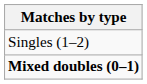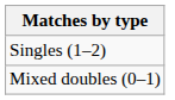 <table class="wikitable" style=font-size:90%>
 <tr>
 <th>Matches by type</th>
 </tr>
 <tr>
 <td>Singles (1–2)</td>
 </tr>
 <tr>
-<td><strong>Mixed doubles (0–1)</strong></td>
+<td>Mixed doubles (0–1)</td>
 </tr>
 </table>
